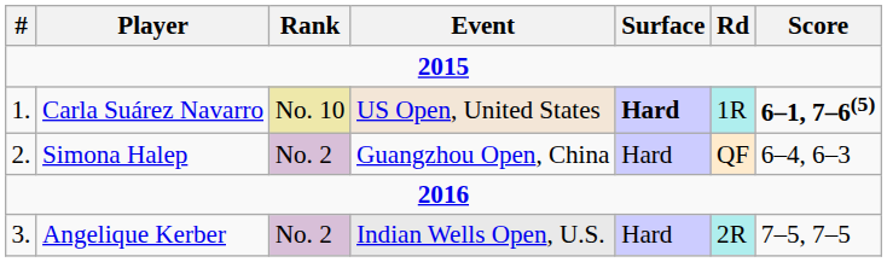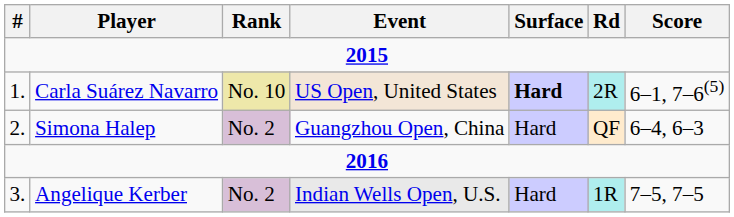 <table class="wikitable sortable">
 <tr>
 <th>#</th>
 <th>Player</th>
 <th>Rank</th>
 <th>Event</th>
 <th>Surface</th>
 <th>Rd</th>
 <th>Score</th>
 </tr>
 <tr>
 <td colspan=7 style=text-align:center><strong><a href='#'>2015</a></strong></td>
 </tr>
 <tr>
 <td>1.</td>
 <td> <a href='#'>Carla Suárez Navarro</a></td>
 <td bgcolor=eee8aa>No. 10</td>
 <td bgcolor=f3e6d7><a href='#'>US Open</a>, United States</td>
 <td bgcolor=ccccff><strong>Hard</strong></td>
-<td bgcolor=afeeee>1R</td>
-<td><strong>6–1, 7–6<sup>(5)</sup></strong></td>
+<td bgcolor=afeeee>2R</td>
+<td>6–1, 7–6<sup>(5)</sup></td>
 </tr>
 <tr>
 <td>2.</td>
 <td> <a href='#'>Simona Halep</a></td>
 <td bgcolor=thistle>No. 2</td>
 <td><a href='#'>Guangzhou Open</a>, China</td>
 <td bgcolor=ccccff>Hard</td>
 <td bgcolor=ffebcd>QF</td>
 <td>6–4, 6–3</td>
 </tr>
 <tr>
 <td colspan=7 style=text-align:center><strong><a href='#'>2016</a></strong></td>
 </tr>
 <tr>
 <td>3.</td>
 <td> <a href='#'>Angelique Kerber</a></td>
 <td bgcolor=thistle>No. 2</td>
 <td bgcolor=e9e9e9><a href='#'>Indian Wells Open</a>, U.S.</td>
 <td bgcolor=ccccff>Hard</td>
-<td bgcolor=afeeee>2R</td>
+<td bgcolor=afeeee>1R</td>
 <td>7–5, 7–5</td>
 </tr>
 </table>
